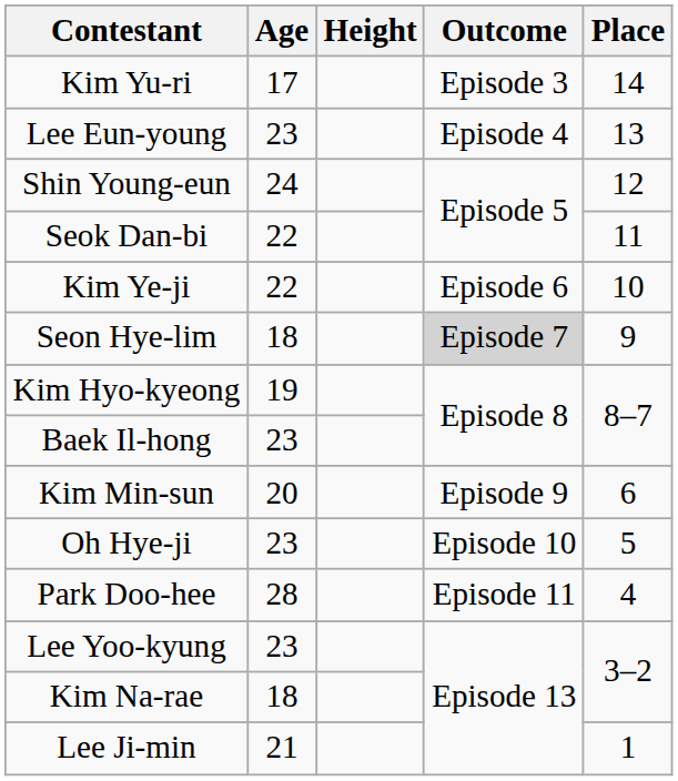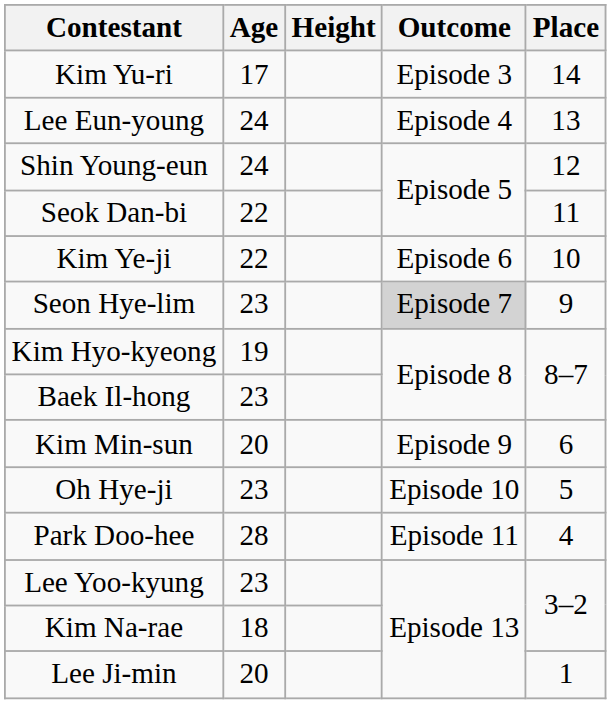 <table class="wikitable sortable" style="text-align:center;">
 <tr>
 <th>Contestant</th>
 <th>Age</th>
 <th>Height</th>
 <th>Outcome</th>
 <th>Place</th>
 </tr>
 <tr>
 <td>Kim Yu-ri</td>
 <td>17</td>
 <td></td>
 <td>Episode 3</td>
 <td>14</td>
 </tr>
 <tr>
 <td>Lee Eun-young</td>
-<td>23</td>
+<td>24</td>
 <td></td>
 <td>Episode 4</td>
 <td>13</td>
 </tr>
 <tr>
 <td>Shin Young-eun</td>
 <td>24</td>
 <td></td>
 <td rowspan=2>Episode 5</td>
 <td>12</td>
 </tr>
 <tr>
 <td>Seok Dan-bi</td>
 <td>22</td>
 <td></td>
 <td>11</td>
 </tr>
 <tr>
 <td>Kim Ye-ji</td>
 <td>22</td>
 <td></td>
 <td>Episode 6</td>
 <td>10</td>
 </tr>
 <tr>
 <td>Seon Hye-lim</td>
-<td>18</td>
+<td>23</td>
 <td></td>
 <td style="background: lightgrey;">Episode 7</td>
 <td>9</td>
 </tr>
 <tr>
 <td>Kim Hyo-kyeong</td>
 <td>19</td>
 <td></td>
 <td rowspan="2">Episode 8</td>
 <td rowspan="2">8–7</td>
 </tr>
 <tr>
 <td>Baek Il-hong</td>
 <td>23</td>
 <td></td>
 </tr>
 <tr>
 <td>Kim Min-sun</td>
 <td>20</td>
 <td></td>
 <td>Episode 9</td>
 <td>6</td>
 </tr>
 <tr>
 <td>Oh Hye-ji</td>
 <td>23</td>
 <td></td>
 <td>Episode 10</td>
 <td>5</td>
 </tr>
 <tr>
 <td>Park Doo-hee</td>
 <td>28</td>
 <td></td>
 <td>Episode 11</td>
 <td>4</td>
 </tr>
 <tr>
 <td>Lee Yoo-kyung</td>
 <td>23</td>
 <td></td>
 <td rowspan="3">Episode 13</td>
 <td rowspan="2">3–2</td>
 </tr>
 <tr>
 <td>Kim Na-rae</td>
 <td>18</td>
 <td></td>
 </tr>
 <tr>
 <td>Lee Ji-min</td>
-<td>21</td>
+<td>20</td>
 <td></td>
 <td>1</td>
 </tr>
 </table>
